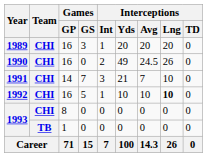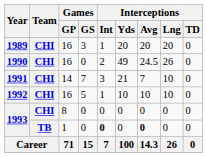 <table class="wikitable">
 <tr>
 <th rowspan="2">Year</th>
 <th rowspan="2">Team</th>
 <th colspan="2">Games</th>
 <th colspan="5">Interceptions</th>
 </tr>
 <tr>
 <th>GP</th>
 <th>GS</th>
 <th>Int</th>
 <th>Yds</th>
 <th>Avg</th>
 <th>Lng</th>
 <th>TD</th>
 </tr>
 <tr>
 <th><a href='#'>1989</a></th>
 <th><a href='#'>CHI</a></th>
 <td>16</td>
 <td>3</td>
 <td>1</td>
 <td>20</td>
 <td>20</td>
 <td>20</td>
 <td>0</td>
 </tr>
 <tr>
 <th><a href='#'>1990</a></th>
 <th><a href='#'>CHI</a></th>
 <td>16</td>
 <td>0</td>
 <td>2</td>
 <td>49</td>
 <td>24.5</td>
 <td>26</td>
 <td>0</td>
 </tr>
 <tr>
 <th><a href='#'>1991</a></th>
 <th><a href='#'>CHI</a></th>
 <td>14</td>
 <td>7</td>
 <td>3</td>
 <td>21</td>
 <td>7</td>
 <td>10</td>
 <td>0</td>
 </tr>
 <tr>
 <th><a href='#'>1992</a></th>
 <th><a href='#'>CHI</a></th>
 <td>16</td>
 <td>5</td>
 <td>1</td>
 <td>10</td>
 <td>10</td>
-<td><strong>10</strong></td>
+<td>10</td>
 <td>0</td>
 </tr>
 <tr>
 <th rowspan="2"><a href='#'>1993</a></th>
 <th><a href='#'>CHI</a></th>
 <td>8</td>
 <td>0</td>
 <td>0</td>
 <td>0</td>
 <td>0</td>
 <td>0</td>
 <td>0</td>
 </tr>
 <tr>
 <th><a href='#'>TB</a></th>
 <td>1</td>
 <td>0</td>
+<td><strong>0</strong></td>
 <td>0</td>
-<td>0</td>
-<td>0</td>
+<td><strong>0</strong></td>
 <td>0</td>
 <td>0</td>
 </tr>
 <tr>
 <th colspan="2">Career</th>
 <th>71</th>
 <th>15</th>
 <th>7</th>
 <th>100</th>
 <th>14.3</th>
 <th>26</th>
 <th>0</th>
 </tr>
 </table>
